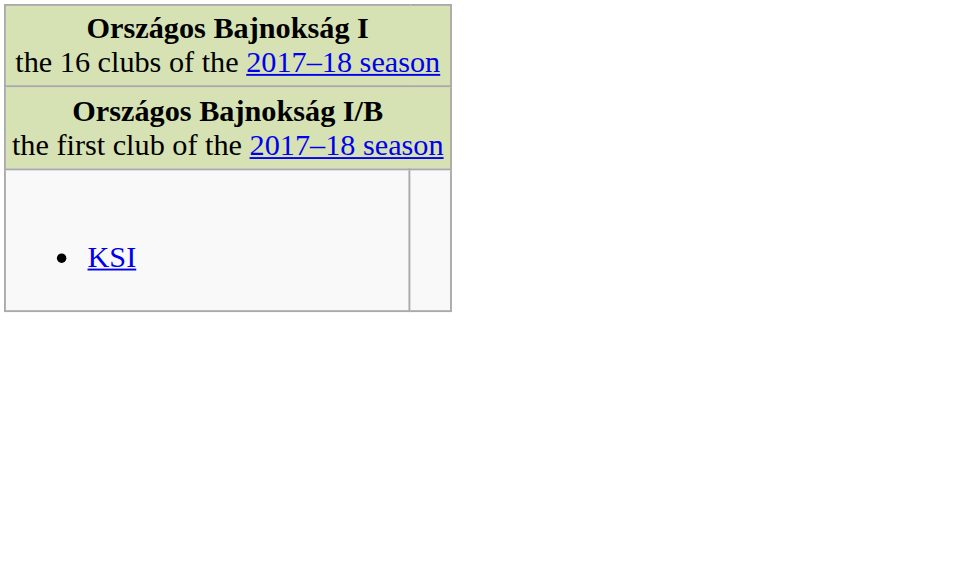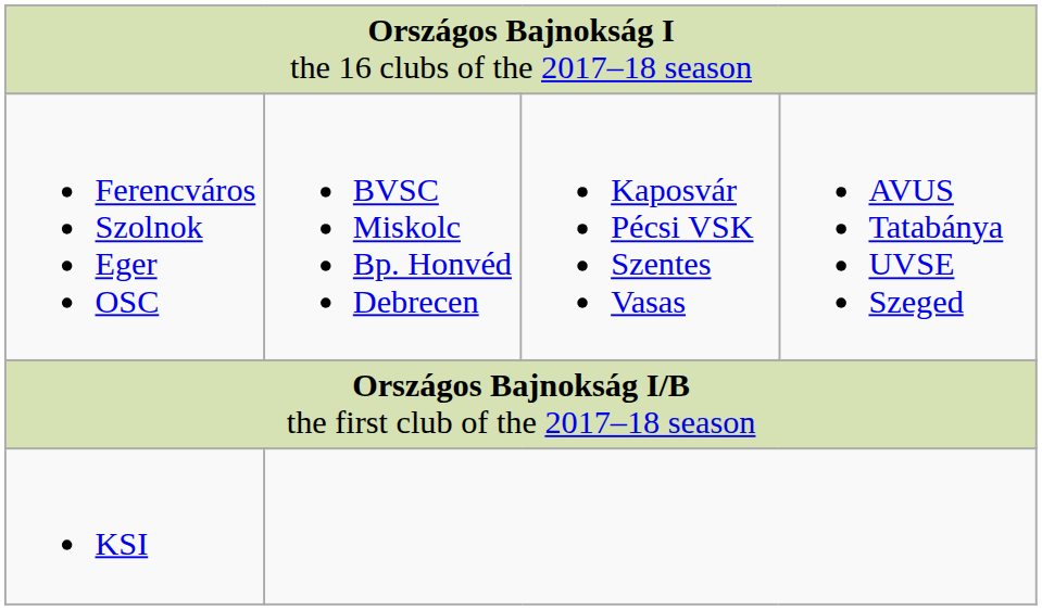 <table class="wikitable">
 <tr style="background:#D6E2B3; text-align:center; vertical-align:top;">
 <td colspan="4"><strong>Országos Bajnokság I</strong><br>the 16 clubs of the <a href='#'>2017–18 season</a></td>
+</tr>
+<tr style="vertical-align:top">
+<td style="width:25%"><br><ul><li> <a href='#'>Ferencváros</a></li><li> <a href='#'>Szolnok</a></li><li> <a href='#'>Eger</a></li><li> <a href='#'>OSC</a></li></ul></td>
+<td style="width:25%"><br><ul><li> <a href='#'>BVSC</a></li><li> <a href='#'>Miskolc</a></li><li> <a href='#'>Bp. Honvéd</a></li><li> <a href='#'>Debrecen</a></li></ul></td>
+<td style="width:25%"><br><ul><li> <a href='#'>Kaposvár</a></li><li> <a href='#'>Pécsi VSK</a></li><li> <a href='#'>Szentes</a></li><li> <a href='#'>Vasas</a></li></ul></td>
+<td style="width:25%"><br><ul><li> <a href='#'>AVUS</a></li><li> <a href='#'>Tatabánya</a></li><li> <a href='#'>UVSE</a></li><li> <a href='#'>Szeged</a></li></ul></td>
 </tr>
 <tr style="background:#D6E2B3; text-align:center;">
 <td colspan="4"><strong>Országos Bajnokság I/B</strong><br>the first club of the <a href='#'>2017–18 season</a></td>
 </tr>
 <tr style="vertical-align:top">
 <td><br><ul><li> <a href='#'>KSI</a></li></ul></td>
 <td colspan="3"></td>
 </tr>
 </table>
